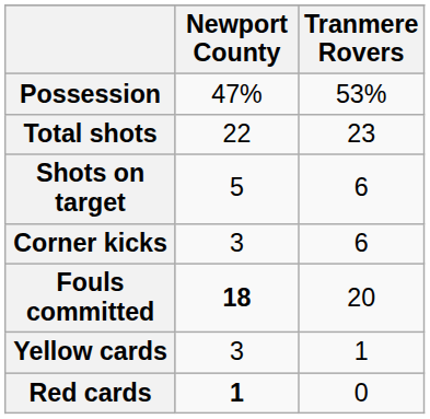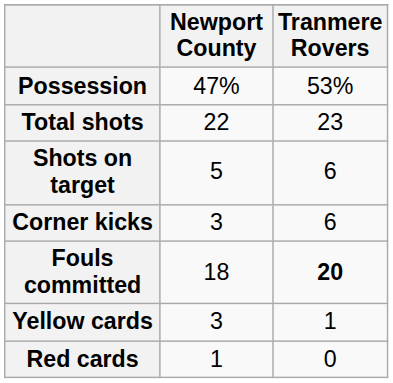 <table class="wikitable plainrowheaders" style="text-align: center">
 <tr>
 </tr>
 <tr>
 <th scope=col width=100></th>
 <th scope=col width=70>Newport County</th>
 <th scope=col width=70>Tranmere Rovers</th>
 </tr>
 <tr>
 <th scope=row>Possession</th>
 <td>47%</td>
 <td>53%</td>
 </tr>
 <tr>
 <th scope=row>Total shots</th>
 <td>22</td>
 <td>23</td>
 </tr>
 <tr>
 <th scope=row>Shots on target</th>
 <td>5</td>
 <td>6</td>
 </tr>
 <tr>
 <th scope=row>Corner kicks</th>
 <td>3</td>
 <td>6</td>
 </tr>
 <tr>
 <th scope=row>Fouls committed</th>
-<td><strong>18</strong></td>
-<td>20</td>
+<td>18</td>
+<td><strong>20</strong></td>
 </tr>
 <tr>
 <th scope=row>Yellow cards</th>
 <td>3</td>
 <td>1</td>
 </tr>
 <tr>
 <th scope=row>Red cards</th>
-<td><strong>1</strong></td>
+<td>1</td>
 <td>0</td>
 </tr>
 </table>
